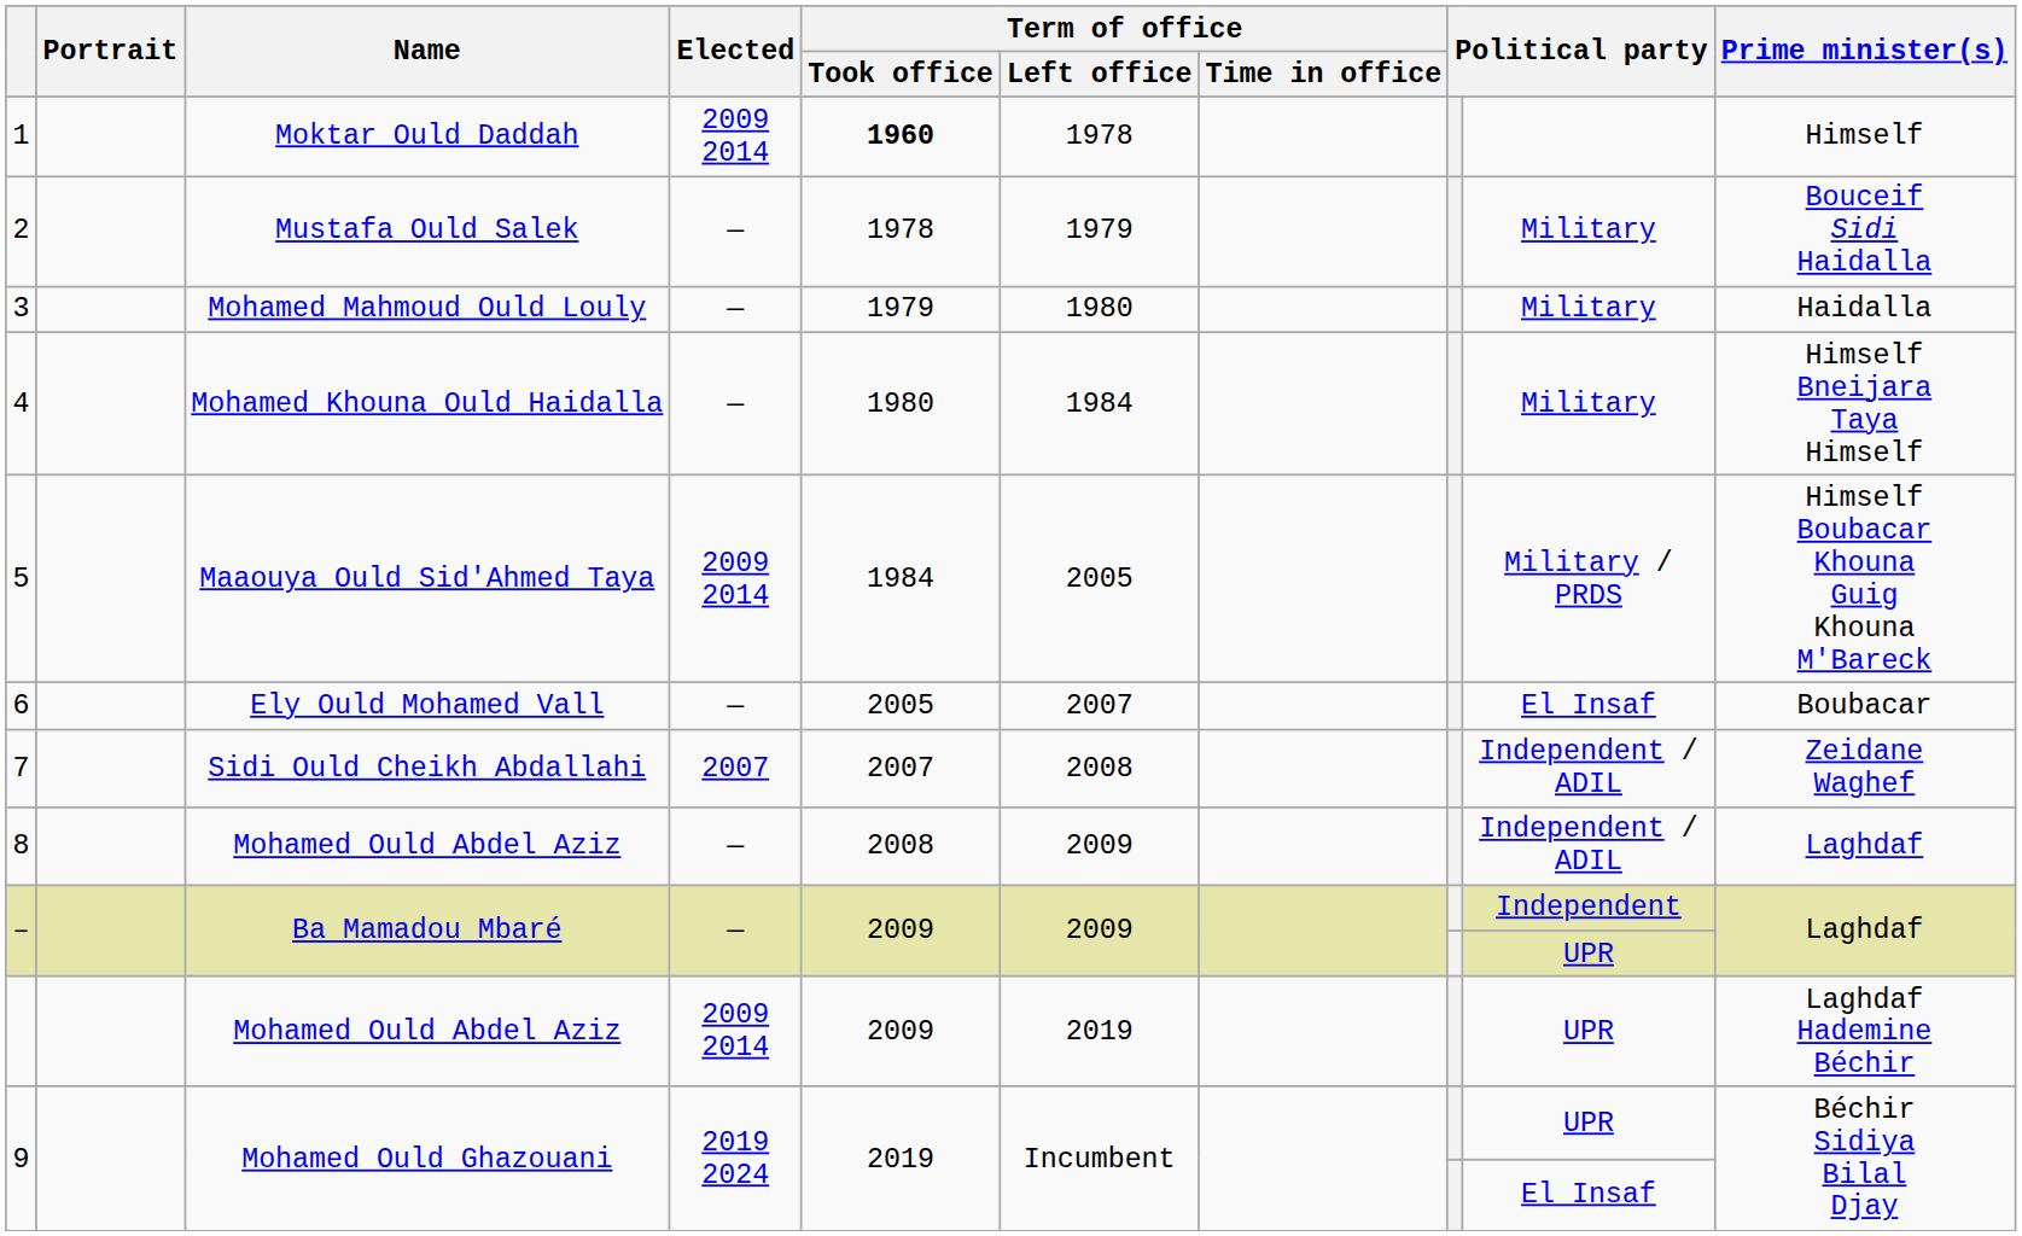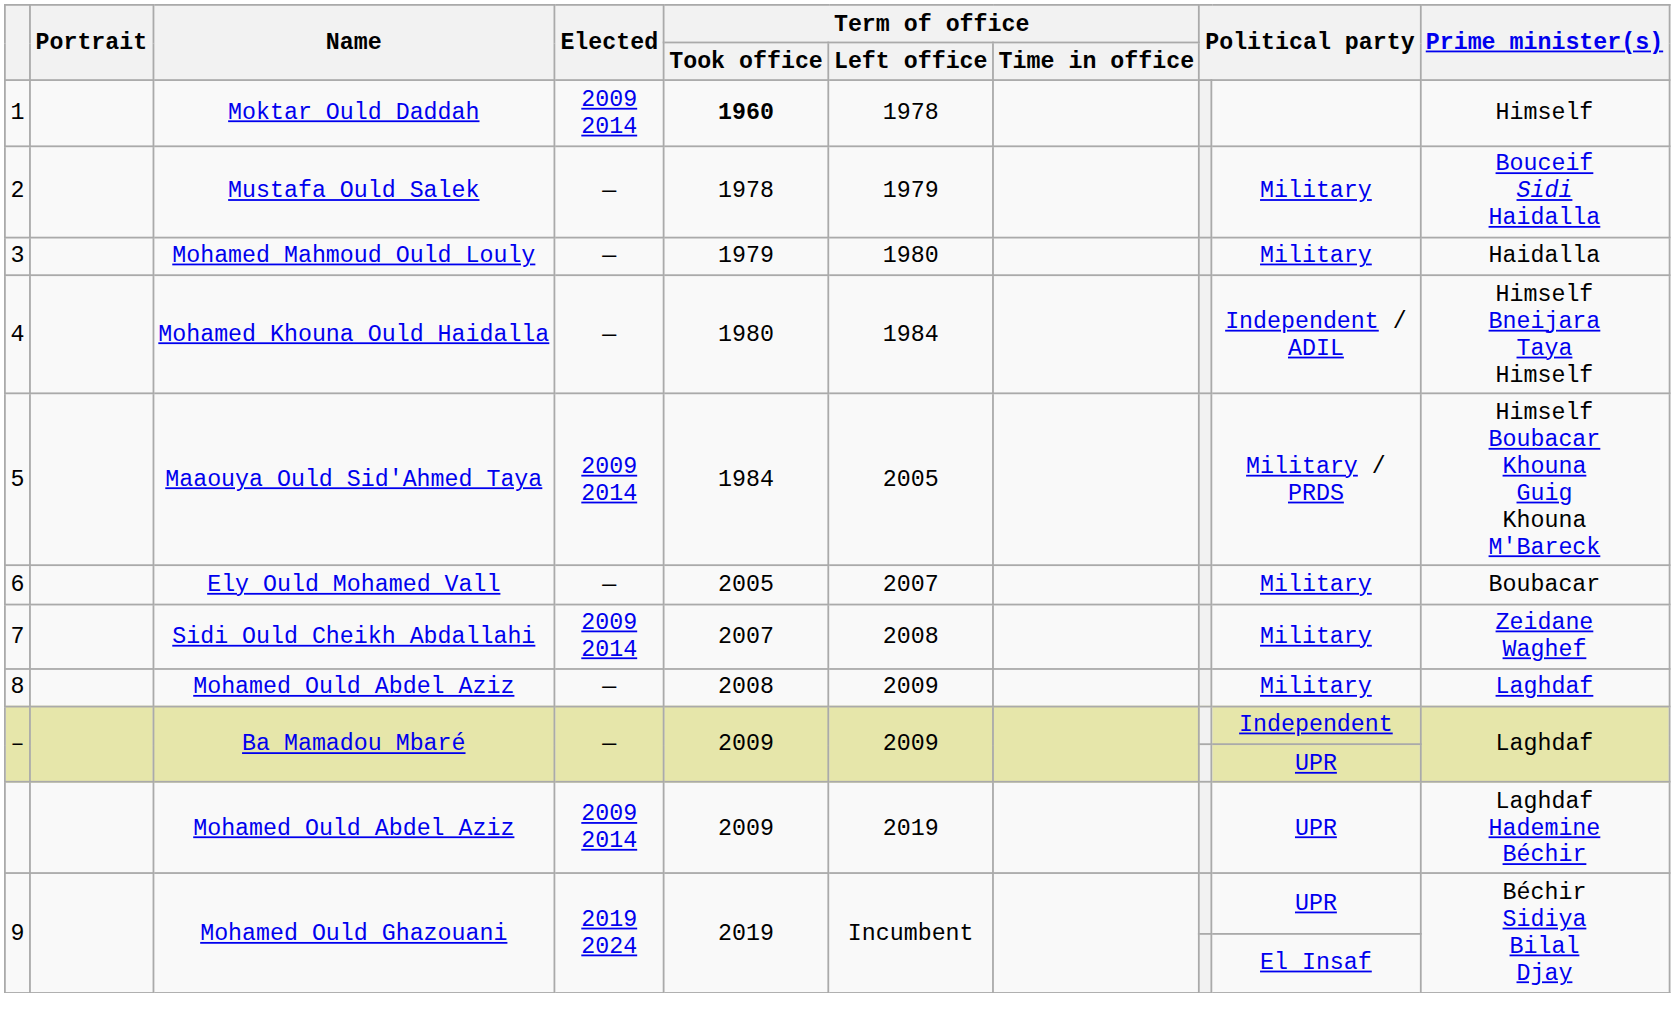 <table class="wikitable" style="text-align:center">
 <tr>
 <th rowspan="2"></th>
 <th rowspan="2">Portrait</th>
 <th rowspan="2">Name<br></th>
 <th rowspan="2">Elected</th>
 <th colspan="3">Term of office</th>
 <th colspan="2" rowspan="2">Political party</th>
 <th rowspan="2"><a href='#'>Prime minister(s)</a></th>
 </tr>
 <tr>
 <th>Took office</th>
 <th>Left office</th>
 <th>Time in office</th>
 </tr>
 <tr>
 <td>1</td>
 <td></td>
 <td><a href='#'>Moktar Ould Daddah</a><br></td>
 <td><a href='#'>2009</a><br><a href='#'>2014</a></td>
 <td><strong> 1960</strong></td>
 <td> 1978<br></td>
 <td></td>
 <th style="background:"></th>
 <td></td>
 <td>Himself</td>
 </tr>
 <tr>
 <td>2</td>
 <td></td>
 <td><a href='#'>Mustafa Ould Salek</a><br></td>
 <td>—</td>
 <td> 1978</td>
 <td> 1979<br></td>
 <td></td>
 <th style="background:"></th>
 <td><a href='#'>Military</a></td>
 <td><a href='#'>Bouceif</a><br><em><a href='#'>Sidi</a></em><br><a href='#'>Haidalla</a></td>
 </tr>
 <tr>
 <td>3</td>
 <td></td>
 <td><a href='#'>Mohamed Mahmoud Ould Louly</a><br></td>
 <td>—</td>
 <td> 1979</td>
 <td> 1980<br></td>
 <td></td>
 <th style="background:"></th>
 <td><a href='#'>Military</a></td>
 <td>Haidalla</td>
 </tr>
 <tr>
 <td>4</td>
 <td></td>
 <td><a href='#'>Mohamed Khouna Ould Haidalla</a><br></td>
 <td>—</td>
 <td> 1980</td>
 <td> 1984<br></td>
 <td></td>
 <th style="background:"></th>
-<td><a href='#'>Military</a></td>
+<td><a href='#'>Independent</a> / <br><a href='#'>ADIL</a></td>
 <td>Himself<br><a href='#'>Bneijara</a><br><a href='#'>Taya</a><br>Himself</td>
 </tr>
 <tr>
 <td>5</td>
 <td></td>
 <td><a href='#'>Maaouya Ould Sid'Ahmed Taya</a><br></td>
 <td><a href='#'>2009</a><br><a href='#'>2014</a></td>
 <td> 1984</td>
 <td> 2005<br></td>
 <td></td>
 <th style="background:"></th>
 <td><a href='#'>Military</a> / <br><a href='#'>PRDS</a></td>
 <td>Himself<br><a href='#'>Boubacar</a><br><a href='#'>Khouna</a><br><a href='#'>Guig</a><br>Khouna<br><a href='#'>M'Bareck</a></td>
 </tr>
 <tr>
 <td>6</td>
 <td></td>
 <td><a href='#'>Ely Ould Mohamed Vall</a><br></td>
 <td>—</td>
 <td> 2005</td>
 <td> 2007</td>
 <td></td>
 <th style="background:"></th>
-<td><a href='#'>El Insaf</a></td>
+<td><a href='#'>Military</a><br></td>
 <td>Boubacar</td>
 </tr>
 <tr>
 <td>7</td>
 <td></td>
 <td><a href='#'>Sidi Ould Cheikh Abdallahi</a><br></td>
-<td><a href='#'>2007</a></td>
+<td><a href='#'>2009</a><br><a href='#'>2014</a></td>
 <td> 2007</td>
 <td> 2008<br></td>
 <td></td>
 <th style="background:"></th>
-<td><a href='#'>Independent</a> / <br><a href='#'>ADIL</a></td>
+<td><a href='#'>Military</a></td>
 <td><a href='#'>Zeidane</a><br><a href='#'>Waghef</a></td>
 </tr>
 <tr>
 <td>8</td>
 <td></td>
 <td><a href='#'>Mohamed Ould Abdel Aziz</a><br></td>
 <td>—</td>
 <td> 2008</td>
 <td> 2009</td>
 <td></td>
 <th style="background:"></th>
-<td><a href='#'>Independent</a> / <br><a href='#'>ADIL</a></td>
+<td><a href='#'>Military</a></td>
 <td><a href='#'>Laghdaf</a></td>
 </tr>
 <tr style="background:#e6e6aa;">
 <td rowspan=2>–</td>
 <td rowspan=2></td>
 <td rowspan=2><a href='#'>Ba Mamadou Mbaré</a><br></td>
 <td rowspan=2>—</td>
 <td rowspan=2> 2009</td>
 <td rowspan=2> 2009</td>
 <td rowspan=2></td>
 <th style="background:"></th>
 <td><a href='#'>Independent</a></td>
 <td rowspan=2>Laghdaf</td>
 </tr>
 <tr style="background:#e6e6aa;">
 <th style="background:"></th>
 <td><a href='#'>UPR</a></td>
 </tr>
 <tr>
 <td></td>
 <td></td>
 <td><a href='#'>Mohamed Ould Abdel Aziz</a><br></td>
 <td><a href='#'>2009</a><br><a href='#'>2014</a></td>
 <td> 2009</td>
 <td> 2019</td>
 <td></td>
 <th style="background:"></th>
 <td><a href='#'>UPR</a></td>
 <td>Laghdaf<br><a href='#'>Hademine</a><br><a href='#'>Béchir</a></td>
 </tr>
 <tr>
 <td rowspan=2>9</td>
 <td rowspan=2></td>
 <td rowspan=2><a href='#'>Mohamed Ould Ghazouani</a><br></td>
 <td rowspan=2><a href='#'>2019</a><br><a href='#'>2024</a></td>
 <td rowspan=2> 2019</td>
 <td rowspan=2>Incumbent</td>
 <td rowspan=2></td>
 <th style="background:"></th>
 <td><a href='#'>UPR</a></td>
 <td rowspan=2>Béchir<br><a href='#'>Sidiya</a><br><a href='#'>Bilal</a><br><a href='#'>Djay</a></td>
 </tr>
 <tr>
 <th style="background:"></th>
 <td><a href='#'>El Insaf</a></td>
 </tr>
 </table>
